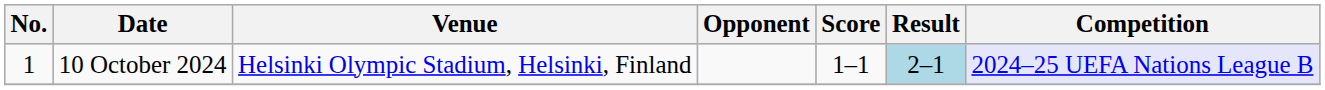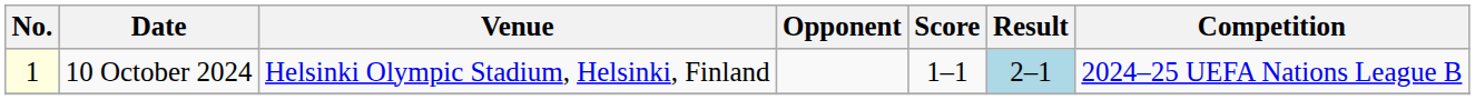 <table class="wikitable">
 <tr>
 <th>No.</th>
 <th>Date</th>
 <th>Venue</th>
 <th>Opponent</th>
 <th>Score</th>
 <th>Result</th>
 <th>Competition</th>
 </tr>
 <tr>
-<td align=center>1</td>
+<td align=center style="background: lightyellow;">1</td>
 <td>10 October 2024</td>
 <td><a href='#'>Helsinki Olympic Stadium</a>, <a href='#'>Helsinki</a>, Finland</td>
 <td></td>
 <td align=center>1–1</td>
 <td align=center style="background: lightblue;">2–1</td>
-<td style="background: lavender;"><a href='#'>2024–25 UEFA Nations League B</a></td>
+<td><a href='#'>2024–25 UEFA Nations League B</a></td>
 </tr>
 <tr>
 </tr>
 </table>
